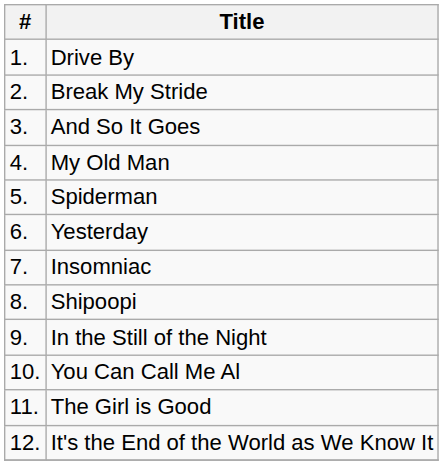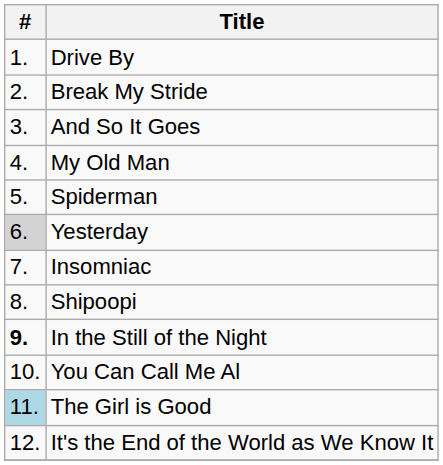 <table class="wikitable">
 <tr>
 <th>#</th>
 <th>Title</th>
 </tr>
 <tr>
 <td>1.</td>
 <td>Drive By</td>
 </tr>
 <tr>
 <td>2.</td>
 <td>Break My Stride</td>
 </tr>
 <tr>
 <td>3.</td>
 <td>And So It Goes</td>
 </tr>
 <tr>
 <td>4.</td>
 <td>My Old Man</td>
 </tr>
 <tr>
 <td>5.</td>
 <td>Spiderman</td>
 </tr>
 <tr>
-<td>6.</td>
+<td style="background: lightgrey;">6.</td>
 <td>Yesterday</td>
 </tr>
 <tr>
 <td>7.</td>
 <td>Insomniac</td>
 </tr>
 <tr>
 <td>8.</td>
 <td>Shipoopi</td>
 </tr>
 <tr>
-<td>9.</td>
+<td><strong>9.</strong></td>
 <td>In the Still of the Night</td>
 </tr>
 <tr>
 <td>10.</td>
 <td>You Can Call Me Al</td>
 </tr>
 <tr>
-<td>11.</td>
+<td style="background: lightblue;">11.</td>
 <td>The Girl is Good</td>
 </tr>
 <tr>
 <td>12.</td>
 <td>It's the End of the World as We Know It</td>
 </tr>
 <tr>
 </tr>
 </table>
